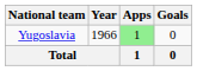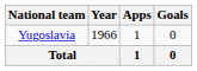 <table class="wikitable" style="text-align:center">
 <tr>
 <th>National team</th>
 <th>Year</th>
 <th>Apps</th>
 <th>Goals</th>
 </tr>
 <tr>
 <td><a href='#'>Yugoslavia</a></td>
 <td>1966</td>
-<td style="background: lightgreen;">1</td>
+<td>1</td>
 <td>0</td>
 </tr>
 <tr>
 <th colspan="2">Total</th>
 <th>1</th>
 <th>0</th>
 </tr>
 </table>
